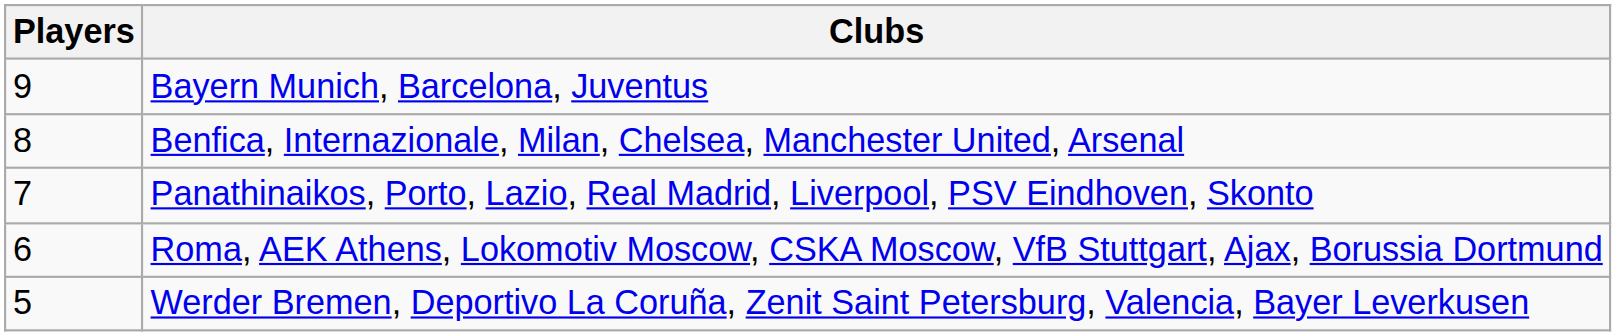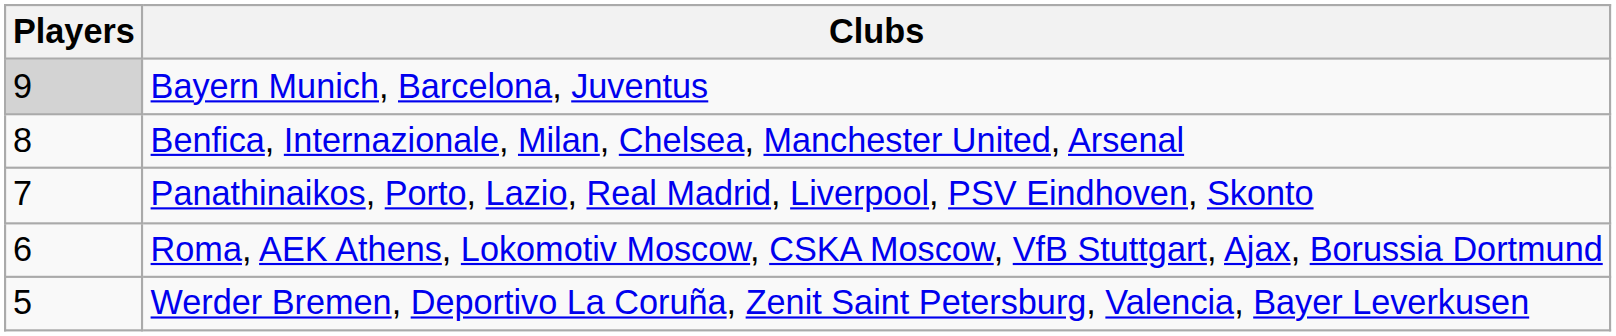 <table class="wikitable">
 <tr>
 <th>Players</th>
 <th>Clubs</th>
 </tr>
 <tr>
-<td>9</td>
+<td style="background: lightgrey;">9</td>
 <td><a href='#'>Bayern Munich</a>, <a href='#'>Barcelona</a>, <a href='#'>Juventus</a></td>
 </tr>
 <tr>
 <td>8</td>
 <td><a href='#'>Benfica</a>, <a href='#'>Internazionale</a>, <a href='#'>Milan</a>, <a href='#'>Chelsea</a>, <a href='#'>Manchester United</a>, <a href='#'>Arsenal</a></td>
 </tr>
 <tr>
 <td>7</td>
 <td><a href='#'>Panathinaikos</a>, <a href='#'>Porto</a>, <a href='#'>Lazio</a>, <a href='#'>Real Madrid</a>, <a href='#'>Liverpool</a>, <a href='#'>PSV Eindhoven</a>, <a href='#'>Skonto</a></td>
 </tr>
 <tr>
 <td>6</td>
 <td><a href='#'>Roma</a>, <a href='#'>AEK Athens</a>, <a href='#'>Lokomotiv Moscow</a>, <a href='#'>CSKA Moscow</a>, <a href='#'>VfB Stuttgart</a>, <a href='#'>Ajax</a>, <a href='#'>Borussia Dortmund</a></td>
 </tr>
 <tr>
 <td>5</td>
 <td><a href='#'>Werder Bremen</a>, <a href='#'>Deportivo La Coruña</a>, <a href='#'>Zenit Saint Petersburg</a>, <a href='#'>Valencia</a>, <a href='#'>Bayer Leverkusen</a></td>
 </tr>
 </table>
